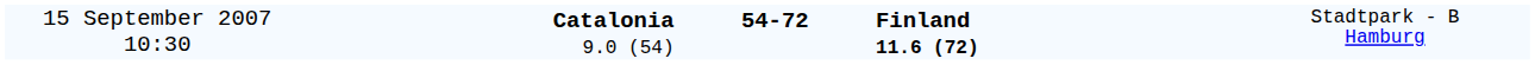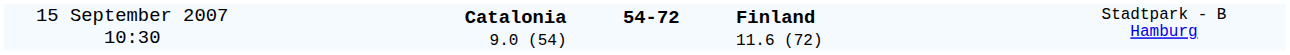 <table style="width: 100%; background:#F5FAFF;" cellspacing="0">
 <tr>
 <td align=center rowspan=3 width=20%>15 September 2007<br>10:30</td>
 </tr>
 <tr>
 <td width=24% align=right><strong>Catalonia</strong></td>
 <td align=center width=13%><strong>54-72</strong></td>
 <td width=24%><strong>Finland</strong></td>
 <td style=font-size:85% rowspan=3 valign=top align=center>Stadtpark - B <br><a href='#'>Hamburg</a></td>
 </tr>
 <tr style=font-size:85%>
 <td align=right>9.0 (54)</td>
 <td align=center></td>
-<td><strong>11.6 (72)</strong></td>
+<td>11.6 (72)</td>
 </tr>
 </table>
